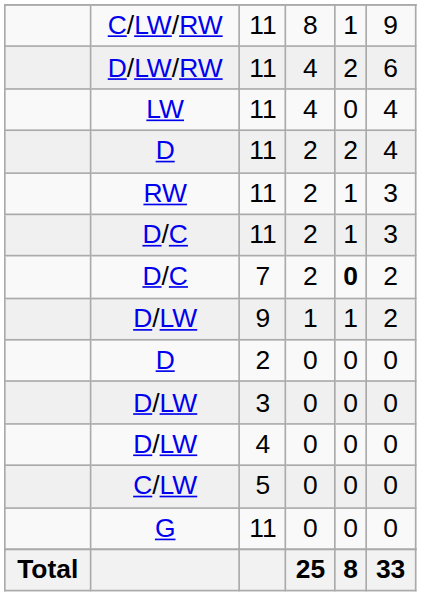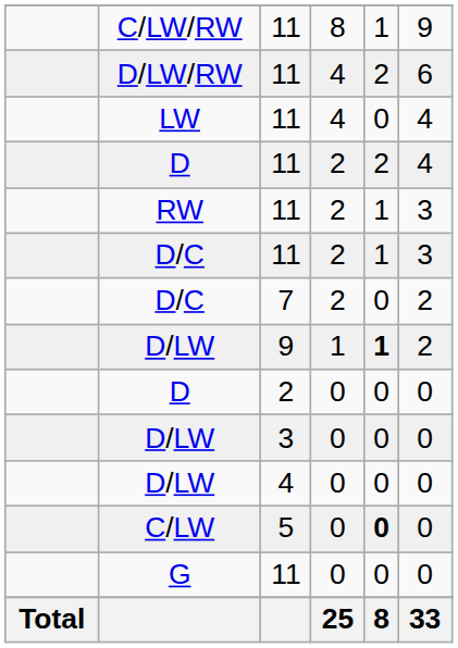 <table class="wikitable sortable" width ="40%">
 <tr align="center">
 </tr>
 <tr align="center" bgcolor="">
 <td></td>
 <td><a href='#'>C</a>/<a href='#'>LW</a>/<a href='#'>RW</a></td>
 <td>11</td>
 <td>8</td>
 <td>1</td>
 <td>9</td>
 </tr>
 <tr align="center" bgcolor="f0f0f0">
 <td></td>
 <td><a href='#'>D</a>/<a href='#'>LW</a>/<a href='#'>RW</a></td>
 <td>11</td>
 <td>4</td>
 <td>2</td>
 <td>6</td>
 </tr>
 <tr align="center" bgcolor="">
 <td></td>
 <td><a href='#'>LW</a></td>
 <td>11</td>
 <td>4</td>
 <td>0</td>
 <td>4</td>
 </tr>
 <tr align="center" bgcolor="f0f0f0">
 <td></td>
 <td><a href='#'>D</a></td>
 <td>11</td>
 <td>2</td>
 <td>2</td>
 <td>4</td>
 </tr>
 <tr align="center" bgcolor="">
 <td></td>
 <td><a href='#'>RW</a></td>
 <td>11</td>
 <td>2</td>
 <td>1</td>
 <td>3</td>
 </tr>
 <tr align="center" bgcolor="f0f0f0">
 <td></td>
 <td><a href='#'>D</a>/<a href='#'>C</a></td>
 <td>11</td>
 <td>2</td>
 <td>1</td>
 <td>3</td>
 </tr>
 <tr align="center" bgcolor="">
 <td></td>
 <td><a href='#'>D</a>/<a href='#'>C</a></td>
 <td>7</td>
 <td>2</td>
-<td><strong>0</strong></td>
+<td>0</td>
 <td>2</td>
 </tr>
 <tr align="center" bgcolor="f0f0f0">
 <td></td>
 <td><a href='#'>D</a>/<a href='#'>LW</a></td>
 <td>9</td>
 <td>1</td>
-<td>1</td>
+<td><strong>1</strong></td>
 <td>2</td>
 </tr>
 <tr align="center" bgcolor="">
 <td></td>
 <td><a href='#'>D</a></td>
 <td>2</td>
 <td>0</td>
 <td>0</td>
 <td>0</td>
 </tr>
 <tr align="center" bgcolor="f0f0f0">
 <td></td>
 <td><a href='#'>D</a>/<a href='#'>LW</a></td>
 <td>3</td>
 <td>0</td>
 <td>0</td>
 <td>0</td>
 </tr>
 <tr align="center" bgcolor="">
 <td></td>
 <td><a href='#'>D</a>/<a href='#'>LW</a></td>
 <td>4</td>
 <td>0</td>
 <td>0</td>
 <td>0</td>
 </tr>
 <tr align="center" bgcolor="f0f0f0">
 <td></td>
 <td><a href='#'>C</a>/<a href='#'>LW</a></td>
 <td>5</td>
 <td>0</td>
-<td>0</td>
+<td><strong>0</strong></td>
 <td>0</td>
 </tr>
 <tr align="center" bgcolor="">
 <td></td>
 <td><a href='#'>G</a></td>
 <td>11</td>
 <td>0</td>
 <td>0</td>
 <td>0</td>
 </tr>
 <tr align="center" bgcolor="f0f0f0">
 </tr>
 <tr>
 <th>Total</th>
 <th></th>
 <th></th>
 <th>25</th>
 <th>8</th>
 <th>33</th>
 </tr>
 </table>
